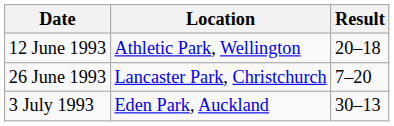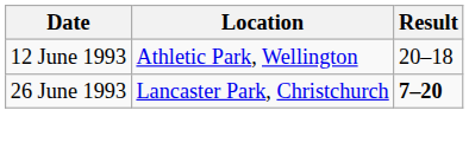 <table class="wikitable" style="align:center;">
 <tr>
 <th>Date</th>
 <th>Location</th>
 <th>Result</th>
 </tr>
 <tr>
 <td>12 June 1993</td>
 <td><a href='#'>Athletic Park</a>, <a href='#'>Wellington</a></td>
 <td> 20–18 </td>
 </tr>
 <tr>
 <td>26 June 1993</td>
 <td><a href='#'>Lancaster Park</a>, <a href='#'>Christchurch</a></td>
-<td> 7–20 </td>
-</tr>
-<tr>
-<td>3 July 1993</td>
-<td><a href='#'>Eden Park</a>, <a href='#'>Auckland</a></td>
-<td> 30–13 </td>
+<td><strong> 7–20 </strong></td>
 </tr>
 </table>
